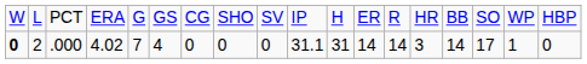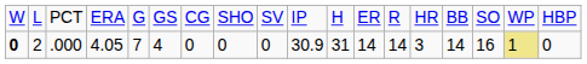 <table class="wikitable">
 <tr>
 <td><a href='#'>W</a></td>
 <td><a href='#'>L</a></td>
 <td>PCT</td>
 <td><a href='#'>ERA</a></td>
 <td><a href='#'>G</a></td>
 <td><a href='#'>GS</a></td>
 <td><a href='#'>CG</a></td>
 <td><a href='#'>SHO</a></td>
 <td><a href='#'>SV</a></td>
 <td><a href='#'>IP</a></td>
 <td><a href='#'>H</a></td>
 <td><a href='#'>ER</a></td>
 <td><a href='#'>R</a></td>
 <td><a href='#'>HR</a></td>
 <td><a href='#'>BB</a></td>
 <td><a href='#'>SO</a></td>
 <td><a href='#'>WP</a></td>
 <td><a href='#'>HBP</a></td>
 </tr>
 <tr>
 <td><strong>0</strong></td>
 <td>2</td>
 <td>.000</td>
-<td>4.02</td>
+<td>4.05</td>
 <td>7</td>
 <td>4</td>
 <td>0</td>
 <td>0</td>
 <td>0</td>
-<td>31.1</td>
+<td>30.9</td>
 <td>31</td>
 <td>14</td>
 <td>14</td>
 <td>3</td>
 <td>14</td>
-<td>17</td>
-<td>1</td>
+<td>16</td>
+<td style="background: khaki;">1</td>
 <td>0</td>
 </tr>
 </table>
